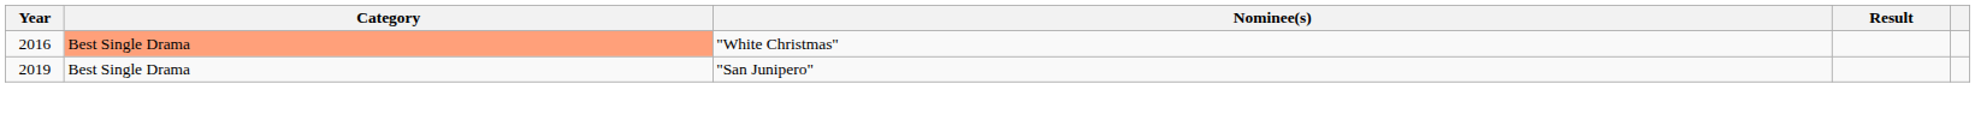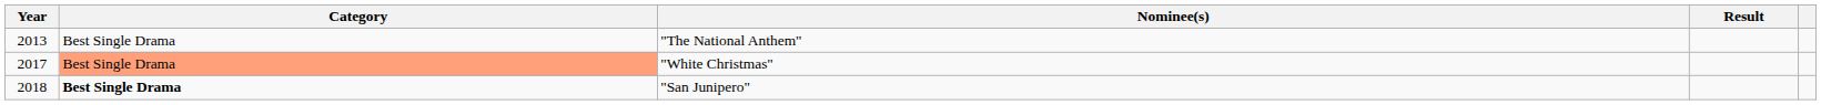 <table class="wikitable sortable" style="width:98%; summary:Black Mirror won one of three awards.">
 <tr>
 <th scope="col" style="width:3%;">Year</th>
 <th scope="col" style="width:33%;">Category</th>
 <th>Nominee(s)</th>
 <th scope="col" style="width:6%;">Result</th>
 <th scope="col" class="unsortable" style="width:1%;"></th>
 </tr>
 <tr>
-<td style="text-align: center;">2016</td>
+<td style="text-align: center;">2013</td>
+<td>Best Single Drama</td>
+<td>"The National Anthem"</td>
+<td></td>
+<td align="center"></td>
+</tr>
+<tr>
+<td style="text-align: center;">2017</td>
 <td style="background: lightsalmon;">Best Single Drama</td>
 <td>"White Christmas"</td>
 <td></td>
 <td align="center"></td>
 </tr>
 <tr>
-<td style="text-align: center;">2019</td>
-<td>Best Single Drama</td>
+<td style="text-align: center;">2018</td>
+<td><strong>Best Single Drama</strong></td>
 <td>"San Junipero"</td>
 <td></td>
 <td align="center"></td>
 </tr>
 </table>
